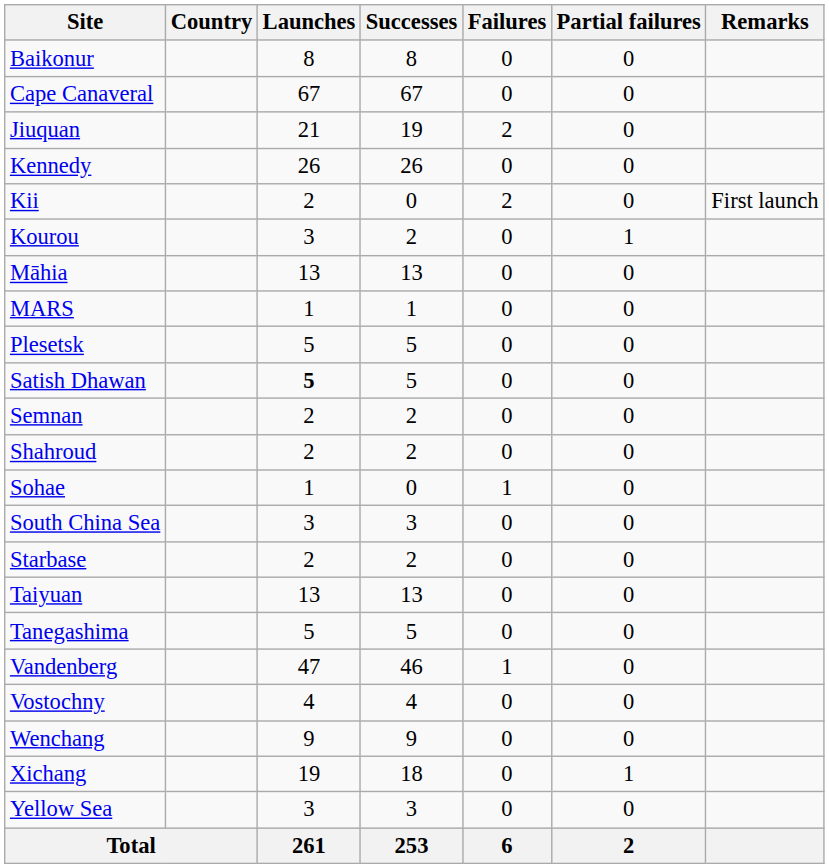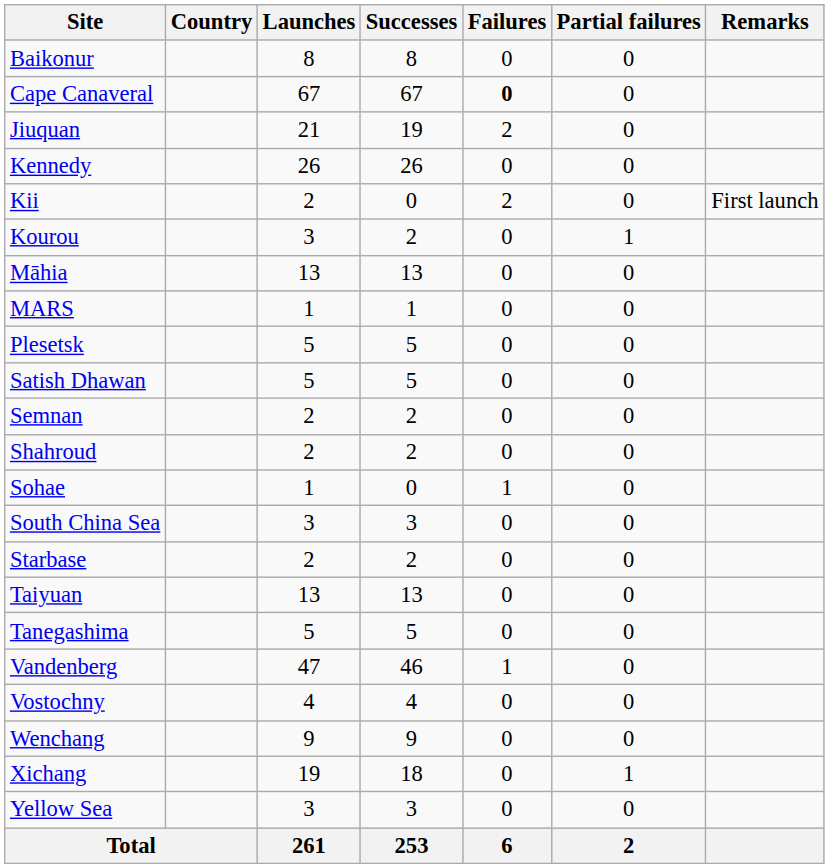 <table class="wikitable sortable" style=text-align:center>
 <tr>
 <th>Site</th>
 <th>Country</th>
 <th>Launches</th>
 <th>Successes</th>
 <th>Failures</th>
 <th>Partial failures</th>
 <th>Remarks</th>
 </tr>
 <tr>
 <td align=left><a href='#'>Baikonur</a></td>
 <td align=left></td>
 <td>8</td>
 <td>8</td>
 <td>0</td>
 <td>0</td>
 <td></td>
 </tr>
 <tr>
 <td align=left><a href='#'>Cape Canaveral</a></td>
 <td align=left></td>
 <td>67</td>
 <td>67</td>
-<td>0</td>
+<td><strong>0</strong></td>
 <td>0</td>
 <td></td>
 </tr>
 <tr>
 <td align=left><a href='#'>Jiuquan</a></td>
 <td align=left></td>
 <td>21</td>
 <td>19</td>
 <td>2</td>
 <td>0</td>
 <td></td>
 </tr>
 <tr>
 <td align=left><a href='#'>Kennedy</a></td>
 <td align=left></td>
 <td>26</td>
 <td>26</td>
 <td>0</td>
 <td>0</td>
 <td></td>
 </tr>
 <tr>
 <td align=left><a href='#'>Kii</a></td>
 <td align=left></td>
 <td>2</td>
 <td>0</td>
 <td>2</td>
 <td>0</td>
 <td align=left>First launch</td>
 </tr>
 <tr>
 <td align=left><a href='#'>Kourou</a></td>
 <td align=left></td>
 <td>3</td>
 <td>2</td>
 <td>0</td>
 <td>1</td>
 <td></td>
 </tr>
 <tr>
 <td align=left><a href='#'>Māhia</a></td>
 <td align=left></td>
 <td>13</td>
 <td>13</td>
 <td>0</td>
 <td>0</td>
 <td></td>
 </tr>
 <tr>
 <td align=left><a href='#'>MARS</a></td>
 <td align=left></td>
 <td>1</td>
 <td>1</td>
 <td>0</td>
 <td>0</td>
 <td></td>
 </tr>
 <tr>
 <td align=left><a href='#'>Plesetsk</a></td>
 <td align=left></td>
 <td>5</td>
 <td>5</td>
 <td>0</td>
 <td>0</td>
 <td></td>
 </tr>
 <tr>
 <td align=left><a href='#'>Satish Dhawan</a></td>
 <td align=left></td>
-<td><strong>5</strong></td>
+<td>5</td>
 <td>5</td>
 <td>0</td>
 <td>0</td>
 <td></td>
 </tr>
 <tr>
 <td align=left><a href='#'>Semnan</a></td>
 <td align=left></td>
 <td>2</td>
 <td>2</td>
 <td>0</td>
 <td>0</td>
 <td></td>
 </tr>
 <tr>
 <td align=left><a href='#'>Shahroud</a></td>
 <td align=left></td>
 <td>2</td>
 <td>2</td>
 <td>0</td>
 <td>0</td>
 <td></td>
 </tr>
 <tr>
 <td align=left><a href='#'>Sohae</a></td>
 <td align=left></td>
 <td>1</td>
 <td>0</td>
 <td>1</td>
 <td>0</td>
 <td></td>
 </tr>
 <tr>
 <td align=left><a href='#'>South China Sea</a></td>
 <td align=left></td>
 <td>3</td>
 <td>3</td>
 <td>0</td>
 <td>0</td>
 <td></td>
 </tr>
 <tr>
 <td align=left><a href='#'>Starbase</a></td>
 <td align=left></td>
 <td>2</td>
 <td>2</td>
 <td>0</td>
 <td>0</td>
 <td></td>
 </tr>
 <tr>
 <td align=left><a href='#'>Taiyuan</a></td>
 <td align=left></td>
 <td>13</td>
 <td>13</td>
 <td>0</td>
 <td>0</td>
 <td></td>
 </tr>
 <tr>
 <td align=left><a href='#'>Tanegashima</a></td>
 <td align=left></td>
 <td>5</td>
 <td>5</td>
 <td>0</td>
 <td>0</td>
 <td></td>
 </tr>
 <tr>
 <td align=left><a href='#'>Vandenberg</a></td>
 <td align=left></td>
 <td>47</td>
 <td>46</td>
 <td>1</td>
 <td>0</td>
 <td></td>
 </tr>
 <tr>
 <td align=left><a href='#'>Vostochny</a></td>
 <td align=left></td>
 <td>4</td>
 <td>4</td>
 <td>0</td>
 <td>0</td>
 <td></td>
 </tr>
 <tr>
 <td align=left><a href='#'>Wenchang</a></td>
 <td align=left></td>
 <td>9</td>
 <td>9</td>
 <td>0</td>
 <td>0</td>
 <td></td>
 </tr>
 <tr>
 <td align=left><a href='#'>Xichang</a></td>
 <td align=left></td>
 <td>19</td>
 <td>18</td>
 <td>0</td>
 <td>1</td>
 <td></td>
 </tr>
 <tr>
 <td align=left><a href='#'>Yellow Sea</a></td>
 <td align=left></td>
 <td>3</td>
 <td>3</td>
 <td>0</td>
 <td>0</td>
 <td></td>
 </tr>
 <tr>
 <th colspan=2>Total</th>
 <th>261</th>
 <th>253</th>
 <th>6</th>
 <th>2</th>
 <th></th>
 </tr>
 </table>
